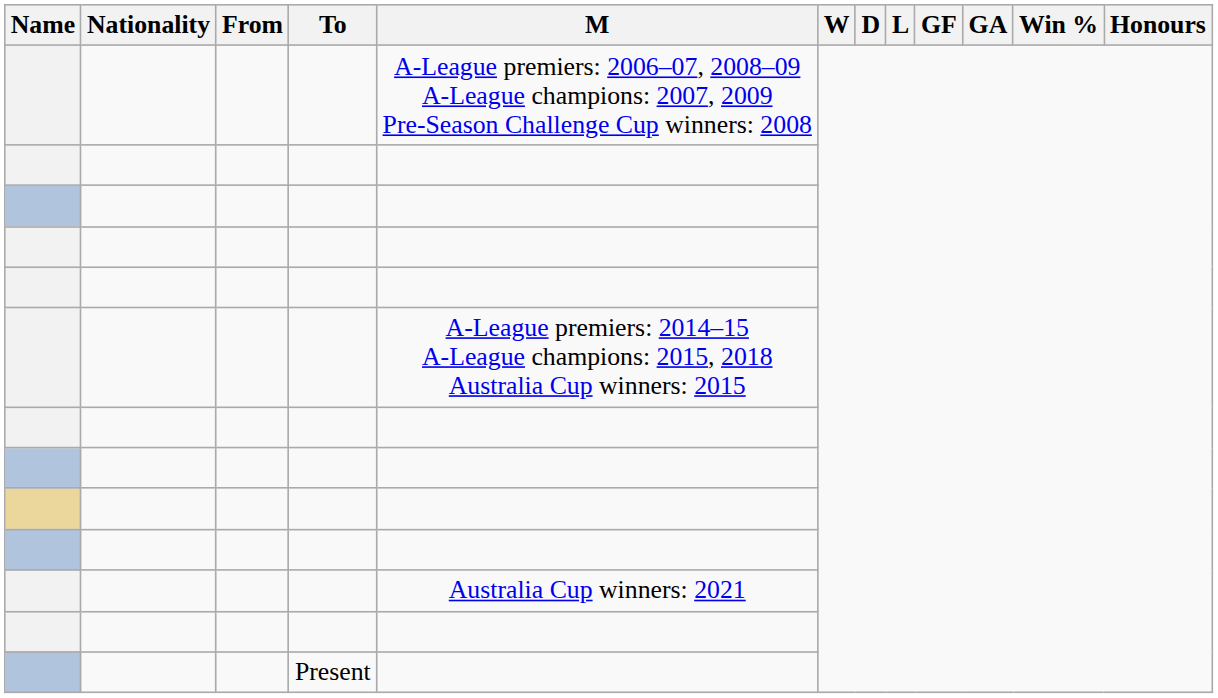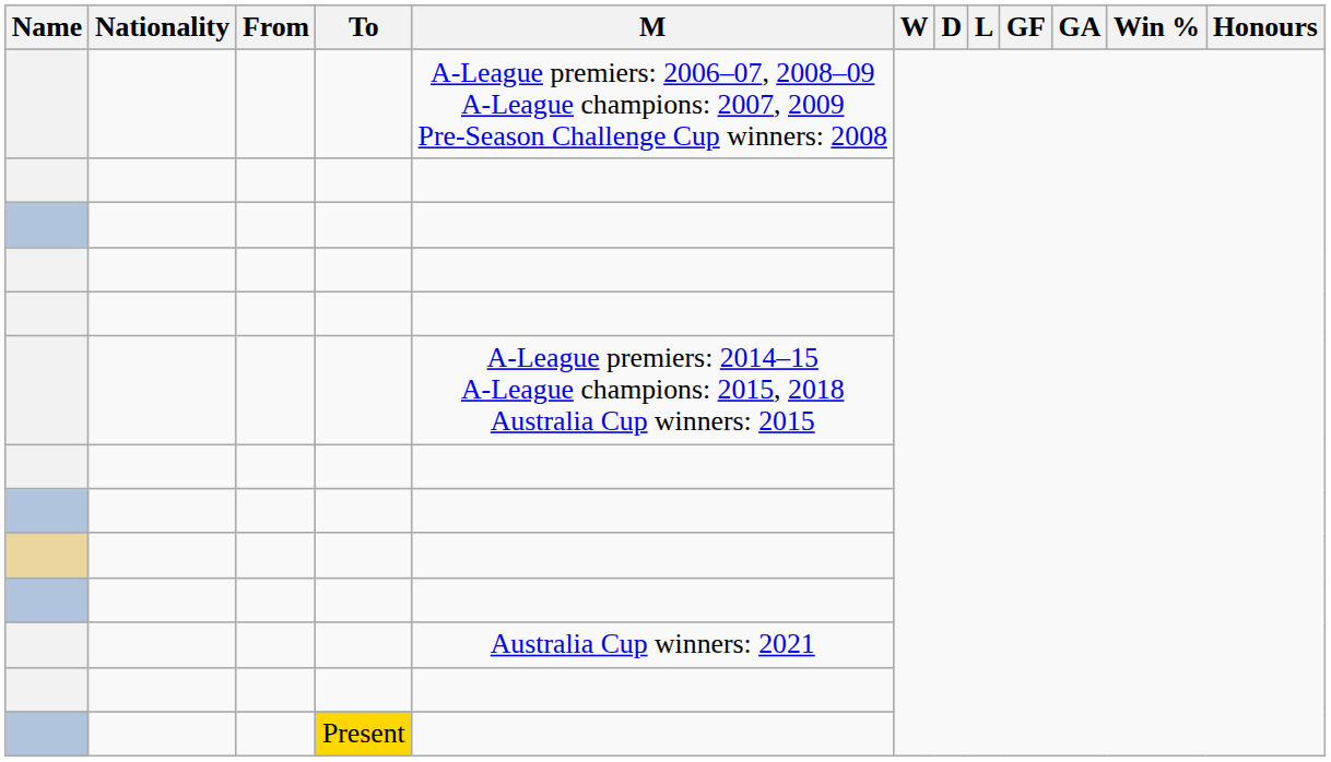 <table class="wikitable plainrowheaders sortable" style="text-align:center">
 <tr>
 <th>Name</th>
 <th>Nationality</th>
 <th>From</th>
 <th>To</th>
 <th>M</th>
 <th>W</th>
 <th>D</th>
 <th>L</th>
 <th>GF</th>
 <th>GA</th>
 <th>Win %</th>
 <th class="unsortable">Honours</th>
 </tr>
 <tr>
 <th scope=row style=text-align:left></th>
 <td align=left></td>
 <td align=left></td>
 <td align=left><br></td>
 <td><a href='#'>A-League</a> premiers: <a href='#'>2006–07</a>, <a href='#'>2008–09</a><br><a href='#'>A-League</a> champions: <a href='#'>2007</a>, <a href='#'>2009</a><br><a href='#'>Pre-Season Challenge Cup</a> winners: <a href='#'>2008</a></td>
 </tr>
 <tr>
 <th scope=row style=text-align:left></th>
 <td align=left></td>
 <td align=left></td>
 <td align=left><br></td>
 <td></td>
 </tr>
 <tr>
 <th scope=row style=background:#B0C4DE> </th>
 <td align=left></td>
 <td align=left></td>
 <td align=left><br></td>
 <td></td>
 </tr>
 <tr>
 <th scope=row style=text-align:left></th>
 <td align=left></td>
 <td align=left></td>
 <td align=left><br></td>
 <td></td>
 </tr>
 <tr>
 <th scope=row style=text-align:left></th>
 <td align=left></td>
 <td align=left></td>
 <td align=left><br></td>
 <td></td>
 </tr>
 <tr>
 <th scope=row style=text-align:left></th>
 <td align=left></td>
 <td align=left></td>
 <td align=left><br></td>
 <td><a href='#'>A-League</a> premiers: <a href='#'>2014–15</a><br><a href='#'>A-League</a> champions: <a href='#'>2015</a>, <a href='#'>2018</a><br><a href='#'>Australia Cup</a> winners: <a href='#'>2015</a></td>
 </tr>
 <tr>
 <th scope=row style=text-align:left></th>
 <td align=left></td>
 <td align=left></td>
 <td align=left><br></td>
 <td></td>
 </tr>
 <tr>
 <th scope=row style=background:#B0C4DE> </th>
 <td align=left></td>
 <td align=left></td>
 <td align=left><br></td>
 <td></td>
 </tr>
 <tr>
 <th scope=row style=background:#EBD79B> </th>
 <td align=left></td>
 <td align=left></td>
 <td align=left><br></td>
 <td></td>
 </tr>
 <tr>
 <th scope=row style=background:#B0C4DE> </th>
 <td align=left></td>
 <td align=left></td>
 <td align=left><br></td>
 <td></td>
 </tr>
 <tr>
 <th scope=row style=text-align:left></th>
 <td align=left></td>
 <td align=left></td>
 <td align=left><br></td>
 <td><a href='#'>Australia Cup</a> winners: <a href='#'>2021</a></td>
 </tr>
 <tr>
 <th scope=row style=text-align:left></th>
 <td align=left></td>
 <td align=left></td>
 <td align=left><br></td>
 <td></td>
 </tr>
 <tr>
 <th scope=row style=background:#B0C4DE> </th>
 <td align=left></td>
 <td align=left></td>
-<td align=left>Present<br></td>
+<td align=left style="background: gold;">Present<br></td>
 <td></td>
 </tr>
 </table>
